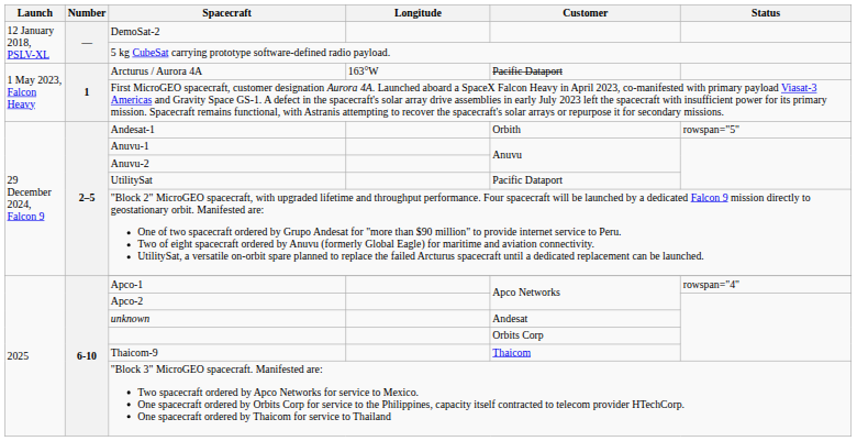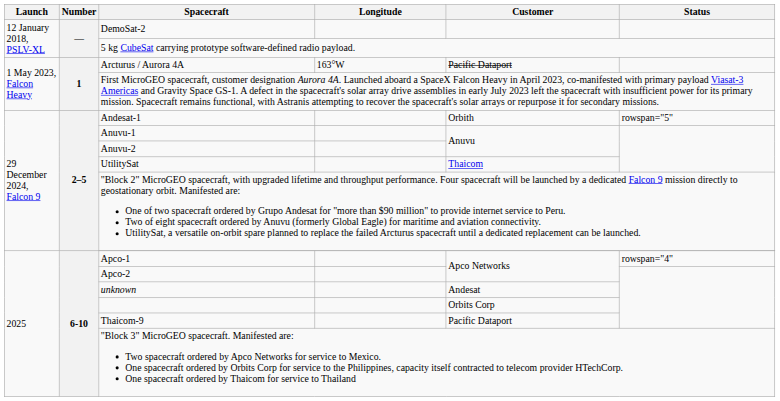 <table class="wikitable plainrowheaders collapsible" style="width: 100%;">
 <tr>
 <th scope="col">Launch</th>
 <th scope="col"><strong>Number</strong></th>
 <th scope="col"><strong>Spacecraft</strong></th>
 <th scope="col">Longitude</th>
 <th scope="col">Customer</th>
 <th scope="col">Status</th>
 </tr>
 <tr id="F9-001">
 <td rowspan="2">12 January 2018,<br><a href='#'>PSLV-XL</a></td>
 <th rowspan="2" scope="row" style="text-align:center;"><strong>—</strong></th>
 <td>DemoSat-2</td>
 <td></td>
 <td></td>
 <td></td>
 </tr>
 <tr>
 <td colspan="4">5 kg <a href='#'>CubeSat</a> carrying prototype software-defined radio payload.</td>
 </tr>
 <tr id="F9-002">
 <td rowspan="2">1 May 2023,<br><a href='#'>Falcon Heavy</a></td>
 <th rowspan="2" scope="row" style="text-align:center;"><strong>1</strong></th>
 <td>Arcturus / Aurora 4A</td>
 <td>163°W</td>
 <td><s> Pacific Dataport</s></td>
 <td></td>
 </tr>
 <tr>
 <td colspan="4">First MicroGEO spacecraft, customer designation <em>Aurora 4A</em>. Launched aboard a SpaceX Falcon Heavy in April 2023, co-manifested with primary payload <a href='#'>Viasat-3 Americas</a> and Gravity Space GS-1. A defect in the spacecraft's solar array drive assemblies in early July 2023 left the spacecraft with insufficient power for its primary mission. Spacecraft remains functional, with Astranis attempting to recover the spacecraft's solar arrays or repurpose it for secondary missions.</td>
 </tr>
 <tr id="F9-004">
 <td rowspan="5">29 December 2024,<br><a href='#'>Falcon 9</a></td>
 <th rowspan="5" scope="row" style="text-align:center;"><strong>2–5</strong></th>
 <td>Andesat-1</td>
 <td></td>
 <td> Orbith</td>
 <td>rowspan="5" </td>
 </tr>
 <tr>
 <td>Anuvu-1</td>
 <td></td>
 <td rowspan="2"> Anuvu</td>
 </tr>
 <tr>
 <td>Anuvu-2</td>
 <td></td>
 </tr>
 <tr>
 <td>UtilitySat</td>
 <td></td>
-<td> Pacific Dataport</td>
+<td> <a href='#'>Thaicom</a></td>
 </tr>
 <tr>
 <td colspan="4">"Block 2" MicroGEO spacecraft, with upgraded lifetime and throughput performance. Four spacecraft will be launched by a dedicated <a href='#'>Falcon 9</a> mission directly to geostationary orbit. Manifested are:<br><ul><li>One of two spacecraft ordered by Grupo Andesat for "more than $90 million" to provide internet service to Peru.</li><li>Two of eight spacecraft ordered by Anuvu (formerly Global Eagle) for maritime and aviation connectivity.</li><li>UtilitySat, a versatile on-orbit spare planned to replace the failed Arcturus spacecraft until a dedicated replacement can be launched.</li></ul></td>
 </tr>
 <tr>
 <td rowspan="7">2025</td>
 <th rowspan="7">6-10</th>
 </tr>
 <tr>
 <td>Apco-1</td>
 <td></td>
 <td rowspan="2"> Apco Networks</td>
 <td>rowspan="4" </td>
 </tr>
 <tr>
 <td>Apco-2</td>
 <td></td>
 </tr>
 <tr>
 <td><em>unknown</em></td>
 <td></td>
 <td> Andesat</td>
 </tr>
 <tr>
 <td></td>
 <td></td>
 <td> Orbits Corp</td>
 </tr>
 <tr>
 <td>Thaicom-9</td>
 <td></td>
-<td> <a href='#'>Thaicom</a></td>
+<td> Pacific Dataport</td>
 </tr>
 <tr>
 <td colspan="4">"Block 3" MicroGEO spacecraft. Manifested are:<br><ul><li>Two spacecraft ordered by Apco Networks for service to Mexico.</li><li>One spacecraft ordered by Orbits Corp for service to the Philippines, capacity itself contracted to telecom provider HTechCorp.</li><li>One spacecraft ordered by Thaicom for service to Thailand</li></ul></td>
 </tr>
 </table>
